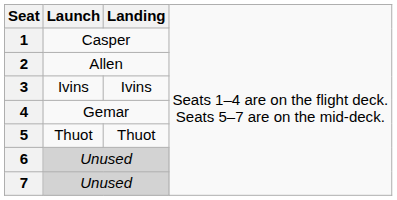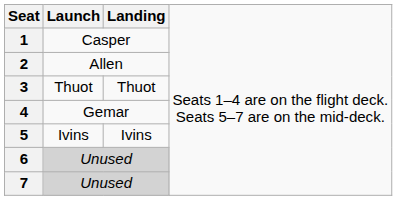 <table class="wikitable" style="text-align:center">
 <tr>
 <th>Seat</th>
 <th>Launch</th>
 <th>Landing</th>
 <td rowspan=8><br>Seats 1–4 are on the flight deck.<br>Seats 5–7 are on the mid-deck.</td>
 </tr>
 <tr>
 <th>1</th>
 <td colspan=2>Casper</td>
 </tr>
 <tr>
 <th>2</th>
 <td colspan=2>Allen</td>
 </tr>
 <tr>
 <th>3</th>
-<td>Ivins</td>
-<td>Ivins</td>
+<td>Thuot</td>
+<td>Thuot</td>
 </tr>
 <tr>
 <th>4</th>
 <td colspan=2>Gemar</td>
 </tr>
 <tr>
 <th>5</th>
-<td>Thuot</td>
-<td>Thuot</td>
+<td>Ivins</td>
+<td>Ivins</td>
 </tr>
 <tr>
 <th>6</th>
 <td colspan=2 style="background-color:lightgray"><em>Unused</em></td>
 </tr>
 <tr>
 <th>7</th>
 <td colspan=2 style="background-color:lightgray"><em>Unused</em></td>
 </tr>
 </table>
